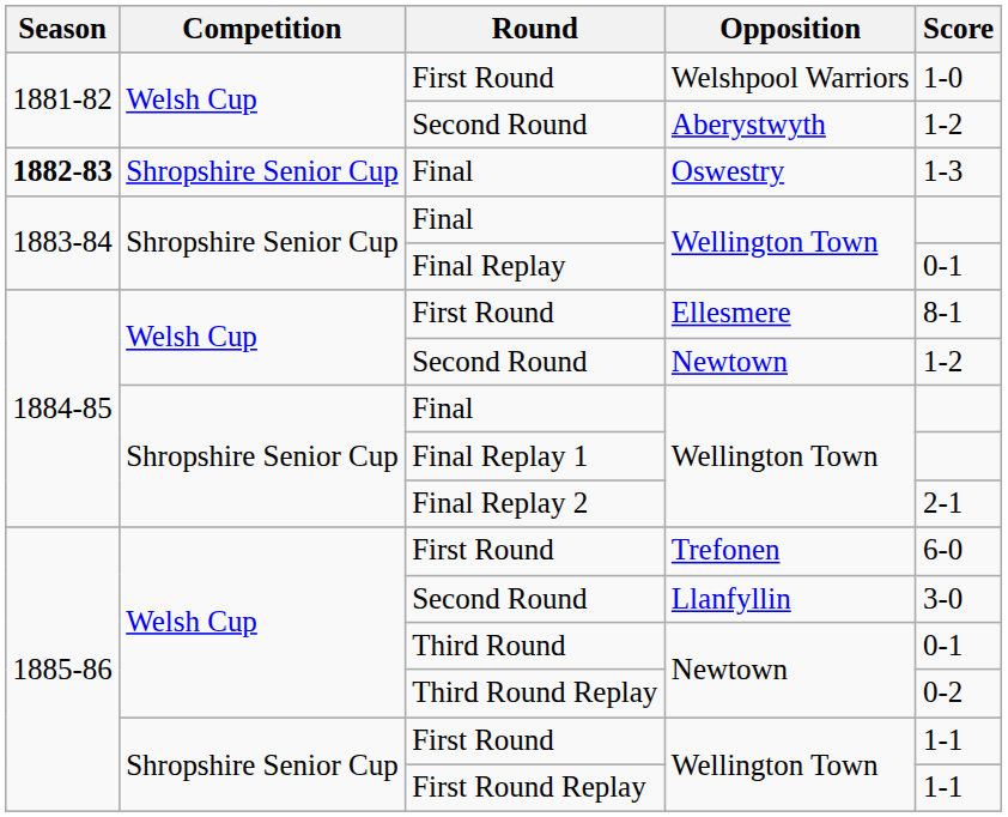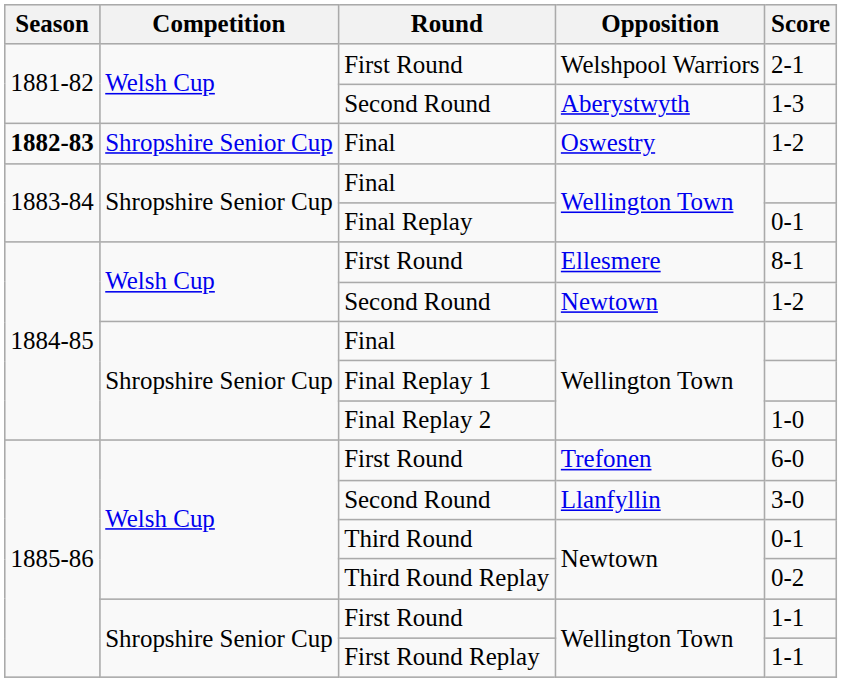 <table class="wikitable">
 <tr>
 <th>Season</th>
 <th>Competition</th>
 <th>Round</th>
 <th>Opposition</th>
 <th>Score</th>
 </tr>
 <tr>
 <td rowspan="2">1881-82</td>
 <td rowspan="2"><a href='#'>Welsh Cup</a></td>
 <td>First Round</td>
 <td>Welshpool Warriors</td>
-<td>1-0</td>
+<td>2-1</td>
 </tr>
 <tr>
 <td>Second Round</td>
 <td><a href='#'>Aberystwyth</a></td>
-<td>1-2</td>
+<td>1-3</td>
 </tr>
 <tr>
 <td><strong>1882-83</strong></td>
 <td><a href='#'>Shropshire Senior Cup</a></td>
 <td>Final</td>
 <td><a href='#'>Oswestry</a></td>
-<td>1-3</td>
+<td>1-2</td>
 </tr>
 <tr>
 <td rowspan="2">1883-84</td>
 <td rowspan="2">Shropshire Senior Cup</td>
 <td>Final</td>
 <td rowspan="2"><a href='#'>Wellington Town</a></td>
 <td></td>
 </tr>
 <tr>
 <td>Final Replay</td>
 <td>0-1</td>
 </tr>
 <tr>
 <td rowspan="5">1884-85</td>
 <td rowspan="2"><a href='#'>Welsh Cup</a></td>
 <td>First Round</td>
 <td><a href='#'>Ellesmere</a></td>
 <td>8-1</td>
 </tr>
 <tr>
 <td>Second Round</td>
 <td><a href='#'>Newtown</a></td>
 <td>1-2</td>
 </tr>
 <tr>
 <td rowspan="3">Shropshire Senior Cup</td>
 <td>Final</td>
 <td rowspan="3">Wellington Town</td>
 <td></td>
 </tr>
 <tr>
 <td>Final Replay 1</td>
 <td></td>
 </tr>
 <tr>
 <td>Final Replay 2</td>
-<td>2-1</td>
+<td>1-0</td>
 </tr>
 <tr>
 <td rowspan="6">1885-86</td>
 <td rowspan="4"><a href='#'>Welsh Cup</a></td>
 <td>First Round</td>
 <td><a href='#'>Trefonen</a></td>
 <td>6-0</td>
 </tr>
 <tr>
 <td>Second Round</td>
 <td><a href='#'>Llanfyllin</a></td>
 <td>3-0</td>
 </tr>
 <tr>
 <td>Third Round</td>
 <td rowspan="2">Newtown</td>
 <td>0-1</td>
 </tr>
 <tr>
 <td>Third Round Replay</td>
 <td>0-2</td>
 </tr>
 <tr>
 <td rowspan="2">Shropshire Senior Cup</td>
 <td>First Round</td>
 <td rowspan="2">Wellington Town</td>
 <td>1-1</td>
 </tr>
 <tr>
 <td>First Round Replay</td>
 <td>1-1</td>
 </tr>
 </table>
